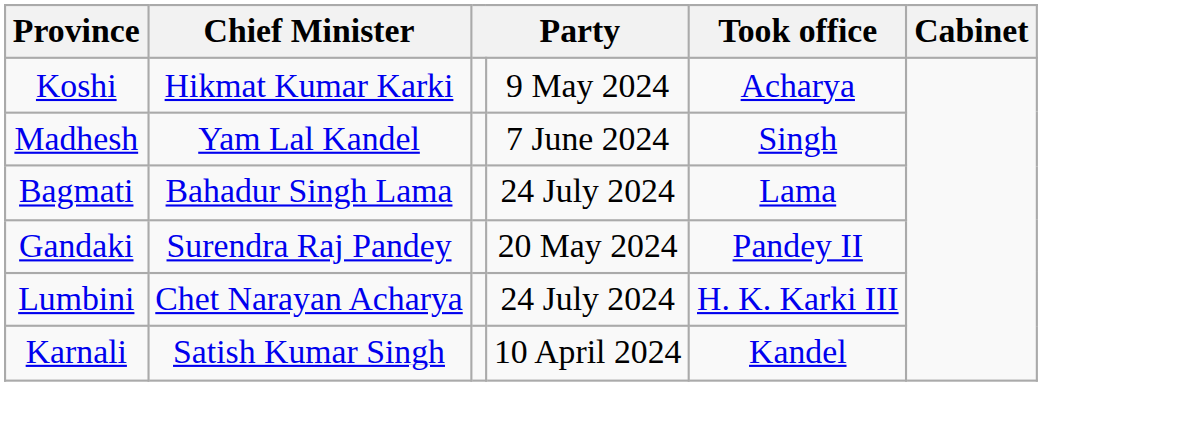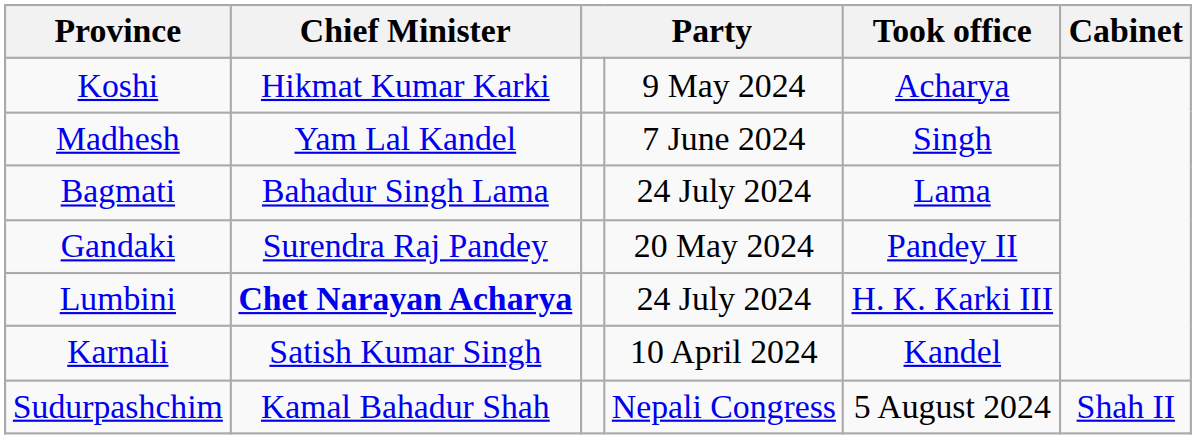 <table class="wikitable" style="text-align:center">
 <tr>
 <th>Province</th>
 <th>Chief Minister</th>
 <th colspan="2">Party</th>
 <th>Took office</th>
 <th>Cabinet</th>
 </tr>
 <tr>
 <td><a href='#'>Koshi</a></td>
 <td><a href='#'>Hikmat Kumar Karki</a></td>
 <td></td>
 <td>9 May 2024</td>
 <td><a href='#'>Acharya</a></td>
 </tr>
 <tr>
 <td><a href='#'>Madhesh</a></td>
 <td><a href='#'>Yam Lal Kandel</a></td>
 <td></td>
 <td>7 June 2024</td>
 <td><a href='#'>Singh</a></td>
 </tr>
 <tr>
 <td><a href='#'>Bagmati</a></td>
 <td><a href='#'>Bahadur Singh Lama</a></td>
 <td></td>
 <td>24 July 2024</td>
 <td><a href='#'>Lama</a></td>
 </tr>
 <tr>
 <td><a href='#'>Gandaki</a></td>
 <td><a href='#'>Surendra Raj Pandey</a></td>
 <td></td>
 <td>20 May 2024</td>
 <td><a href='#'>Pandey II</a></td>
 </tr>
 <tr>
 <td><a href='#'>Lumbini</a></td>
-<td><a href='#'>Chet Narayan Acharya</a></td>
+<td><strong><a href='#'>Chet Narayan Acharya</a></strong></td>
 <td></td>
 <td>24 July 2024</td>
 <td><a href='#'>H. K. Karki III</a></td>
 </tr>
 <tr>
 <td><a href='#'>Karnali</a></td>
 <td><a href='#'>Satish Kumar Singh</a></td>
 <td></td>
 <td>10 April 2024</td>
 <td><a href='#'>Kandel</a></td>
 </tr>
+<tr>
+<td><a href='#'>Sudurpashchim</a></td>
+<td><a href='#'>Kamal Bahadur Shah</a></td>
+<td width="4px"></td>
+<td><a href='#'>Nepali Congress</a></td>
+<td>5 August 2024</td>
+<td><a href='#'>Shah II</a></td>
+</tr>
 </table>
